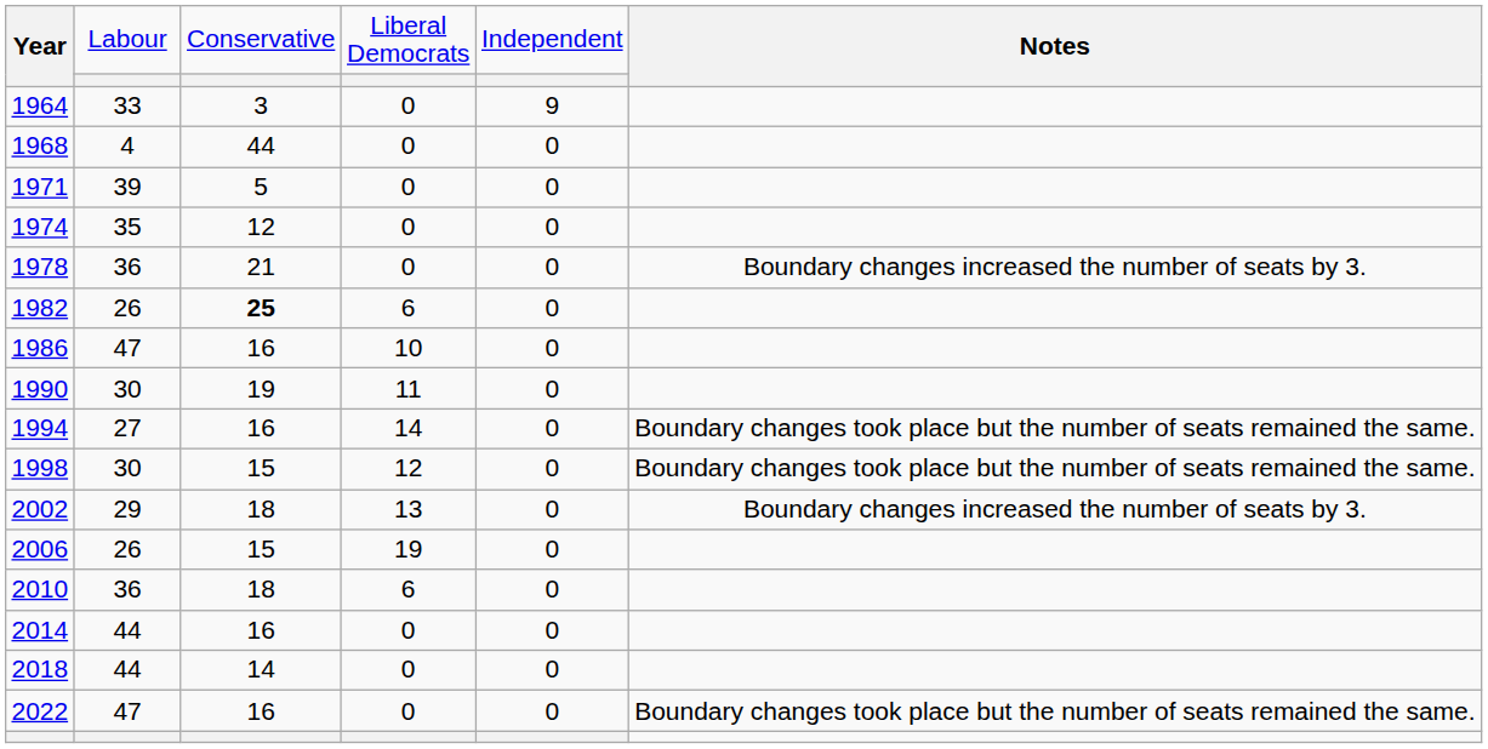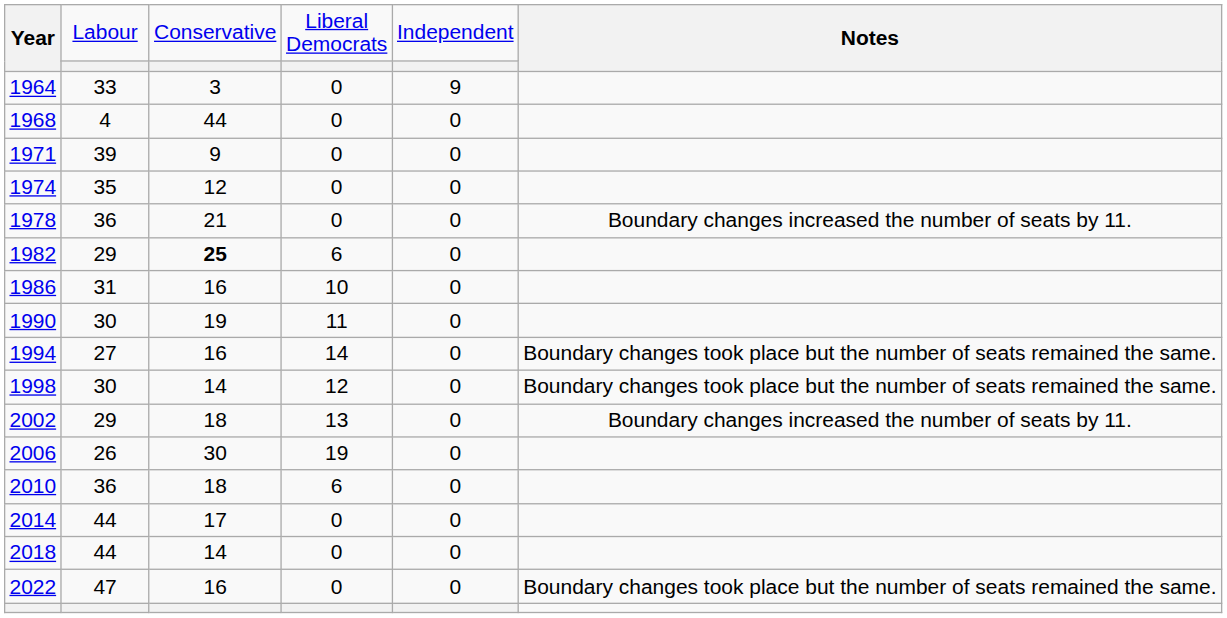 <table class=wikitable style=text-align:center>
 <tr>
 <th rowspan=2>Year</th>
 <td width="60"><a href='#'>Labour</a></td>
 <td width="60"><a href='#'>Conservative</a></td>
 <td width="60"><a href='#'>Liberal Democrats</a></td>
 <td width="60"><a href='#'>Independent</a></td>
 <th rowspan="2">Notes</th>
 </tr>
 <tr>
 <th style="background-color: "></th>
 <th style="background-color: "></th>
 <th style="background-color: "></th>
 <th style="background-color: "></th>
 </tr>
 <tr>
 <td><a href='#'>1964</a></td>
 <td>33</td>
 <td>3</td>
 <td>0</td>
 <td>9</td>
 <td></td>
 </tr>
 <tr>
 <td><a href='#'>1968</a></td>
 <td>4</td>
 <td>44</td>
 <td>0</td>
 <td>0</td>
 <td></td>
 </tr>
 <tr>
 <td><a href='#'>1971</a></td>
 <td>39</td>
-<td>5</td>
+<td>9</td>
 <td>0</td>
 <td>0</td>
 <td></td>
 </tr>
 <tr>
 <td><a href='#'>1974</a></td>
 <td>35</td>
 <td>12</td>
 <td>0</td>
 <td>0</td>
 <td></td>
 </tr>
 <tr>
 <td><a href='#'>1978</a></td>
 <td>36</td>
 <td>21</td>
 <td>0</td>
 <td>0</td>
-<td>Boundary changes increased the number of seats by 3.</td>
+<td>Boundary changes increased the number of seats by 11.</td>
 </tr>
 <tr>
 <td><a href='#'>1982</a></td>
-<td>26</td>
+<td>29</td>
 <td><strong>25</strong></td>
 <td>6</td>
 <td>0</td>
 <td></td>
 </tr>
 <tr>
 <td><a href='#'>1986</a></td>
-<td>47</td>
+<td>31</td>
 <td>16</td>
 <td>10</td>
 <td>0</td>
 <td></td>
 </tr>
 <tr>
 <td><a href='#'>1990</a></td>
 <td>30</td>
 <td>19</td>
 <td>11</td>
 <td>0</td>
 <td></td>
 </tr>
 <tr>
 <td><a href='#'>1994</a></td>
 <td>27</td>
 <td>16</td>
 <td>14</td>
 <td>0</td>
 <td>Boundary changes took place but the number of seats remained the same.</td>
 </tr>
 <tr>
 <td><a href='#'>1998</a></td>
 <td>30</td>
-<td>15</td>
+<td>14</td>
 <td>12</td>
 <td>0</td>
 <td>Boundary changes took place but the number of seats remained the same.</td>
 </tr>
 <tr>
 <td><a href='#'>2002</a></td>
 <td>29</td>
 <td>18</td>
 <td>13</td>
 <td>0</td>
-<td>Boundary changes increased the number of seats by 3.</td>
+<td>Boundary changes increased the number of seats by 11.</td>
 </tr>
 <tr>
 <td><a href='#'>2006</a></td>
 <td>26</td>
-<td>15</td>
+<td>30</td>
 <td>19</td>
 <td>0</td>
 <td></td>
 </tr>
 <tr>
 <td><a href='#'>2010</a></td>
 <td>36</td>
 <td>18</td>
 <td>6</td>
 <td>0</td>
 <td></td>
 </tr>
 <tr>
 <td><a href='#'>2014</a></td>
 <td>44</td>
-<td>16</td>
+<td>17</td>
 <td>0</td>
 <td>0</td>
 <td></td>
 </tr>
 <tr>
 <td><a href='#'>2018</a></td>
 <td>44</td>
 <td>14</td>
 <td>0</td>
 <td>0</td>
 <td></td>
 </tr>
 <tr>
 <td><a href='#'>2022</a></td>
 <td>47</td>
 <td>16</td>
 <td>0</td>
 <td>0</td>
 <td>Boundary changes took place but the number of seats remained the same.</td>
 </tr>
 <tr>
 <th></th>
 <th style="background-color: "></th>
 <th style="background-color: "></th>
 <th style="background-color: "></th>
 <th style="background-color: "></th>
 <td></td>
 </tr>
 </table>
